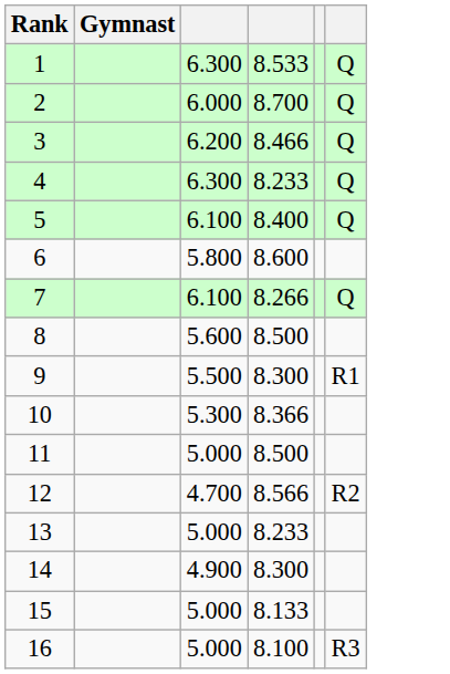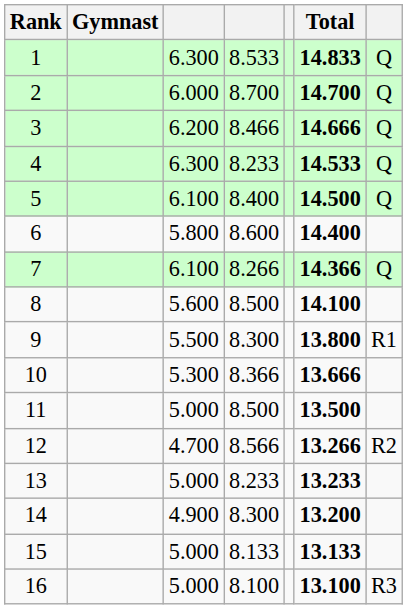 <table class="wikitable sortable" style="text-align:center">
 <tr>
 <th>Rank</th>
 <th>Gymnast</th>
 <th><small></small></th>
 <th><small></small></th>
 <th><small></small></th>
+<th>Total</th>
 <th><small></small></th>
 </tr>
 <tr bgcolor=ccffcc>
 <td>1</td>
 <td align=left></td>
 <td>6.300</td>
 <td>8.533</td>
 <td></td>
+<td><strong>14.833</strong></td>
 <td>Q</td>
 </tr>
 <tr bgcolor=ccffcc>
 <td>2</td>
 <td align=left></td>
 <td>6.000</td>
 <td>8.700</td>
 <td></td>
+<td><strong>14.700</strong></td>
 <td>Q</td>
 </tr>
 <tr bgcolor=ccffcc>
 <td>3</td>
 <td align=left></td>
 <td>6.200</td>
 <td>8.466</td>
 <td></td>
+<td><strong>14.666</strong></td>
 <td>Q</td>
 </tr>
 <tr bgcolor=ccffcc>
 <td>4</td>
 <td align=left></td>
 <td>6.300</td>
 <td>8.233</td>
 <td></td>
+<td><strong>14.533</strong></td>
 <td>Q</td>
 </tr>
 <tr bgcolor=ccffcc>
 <td>5</td>
 <td align=left></td>
 <td>6.100</td>
 <td>8.400</td>
 <td></td>
+<td><strong>14.500</strong></td>
 <td>Q</td>
 </tr>
 <tr>
 <td>6</td>
 <td align=left></td>
 <td>5.800</td>
 <td>8.600</td>
 <td></td>
+<td><strong>14.400</strong></td>
 <td></td>
 </tr>
 <tr bgcolor=ccffcc>
 <td>7</td>
 <td align=left></td>
 <td>6.100</td>
 <td>8.266</td>
 <td></td>
+<td><strong>14.366</strong></td>
 <td>Q</td>
 </tr>
 <tr>
 <td>8</td>
 <td align=left></td>
 <td>5.600</td>
 <td>8.500</td>
 <td></td>
+<td><strong>14.100</strong></td>
 <td></td>
 </tr>
 <tr>
 <td>9</td>
 <td align=left></td>
 <td>5.500</td>
 <td>8.300</td>
 <td></td>
+<td><strong>13.800</strong></td>
 <td>R1</td>
 </tr>
 <tr>
 <td>10</td>
 <td align=left></td>
 <td>5.300</td>
 <td>8.366</td>
 <td></td>
+<td><strong>13.666</strong></td>
 <td></td>
 </tr>
 <tr>
 <td>11</td>
 <td align=left></td>
 <td>5.000</td>
 <td>8.500</td>
 <td></td>
+<td><strong>13.500</strong></td>
 <td></td>
 </tr>
 <tr>
 <td>12</td>
 <td align=left></td>
 <td>4.700</td>
 <td>8.566</td>
 <td></td>
+<td><strong>13.266</strong></td>
 <td>R2</td>
 </tr>
 <tr>
 <td>13</td>
 <td align=left></td>
 <td>5.000</td>
 <td>8.233</td>
 <td></td>
+<td><strong>13.233</strong></td>
 <td></td>
 </tr>
 <tr>
 <td>14</td>
 <td align=left></td>
 <td>4.900</td>
 <td>8.300</td>
 <td></td>
+<td><strong>13.200</strong></td>
 <td></td>
 </tr>
 <tr>
 <td>15</td>
 <td align=left></td>
 <td>5.000</td>
 <td>8.133</td>
 <td></td>
+<td><strong>13.133</strong></td>
 <td></td>
 </tr>
 <tr>
 <td>16</td>
 <td align=left></td>
 <td>5.000</td>
 <td>8.100</td>
 <td></td>
+<td><strong>13.100</strong></td>
 <td>R3</td>
 </tr>
 </table>
